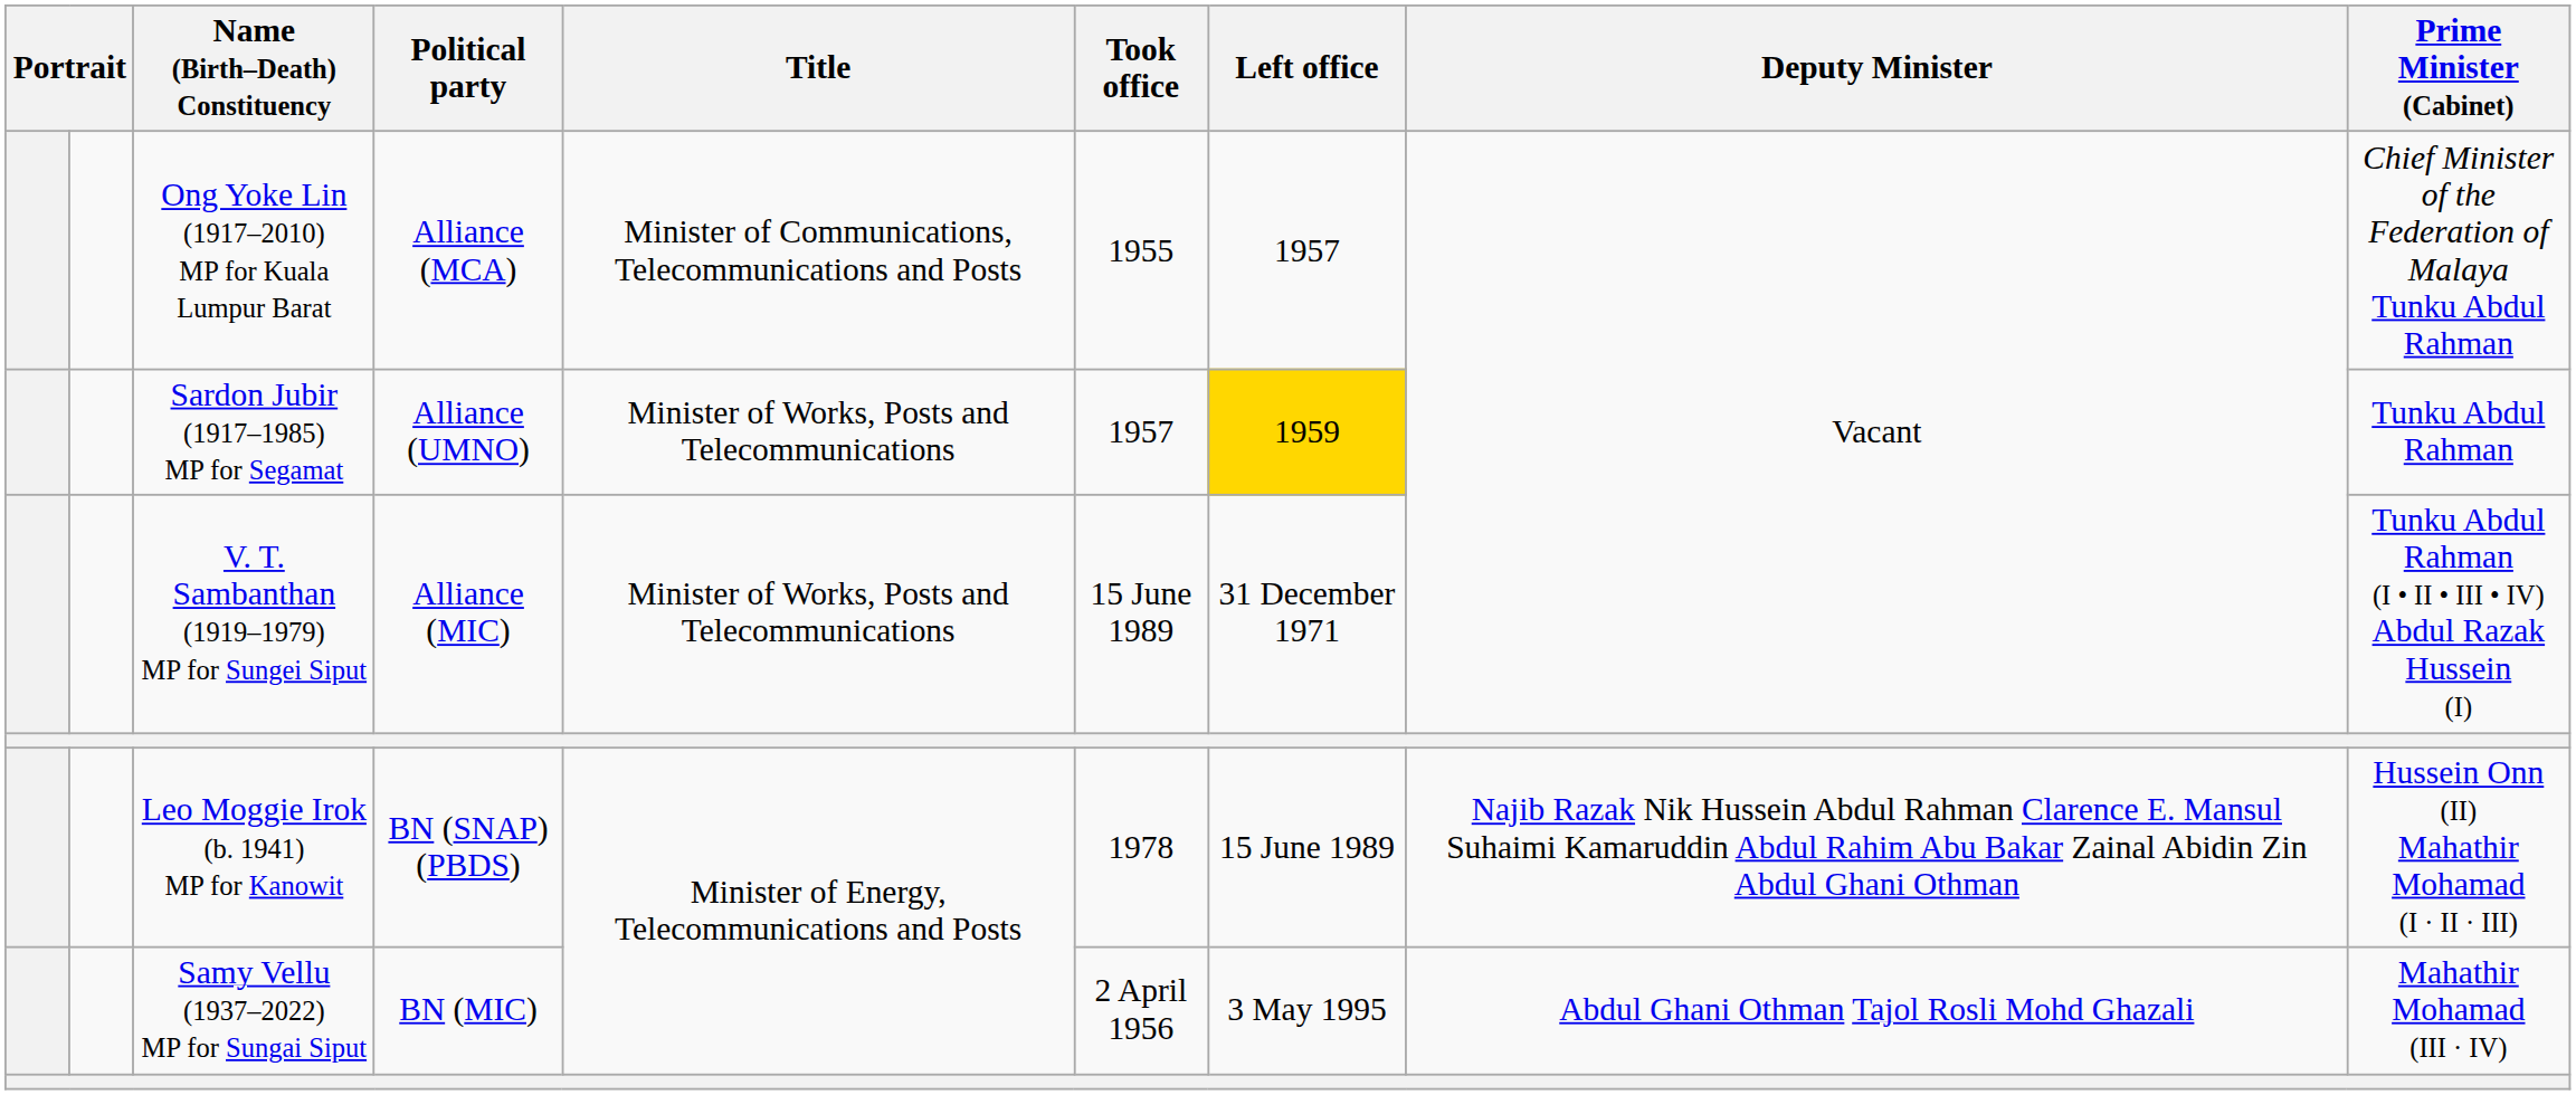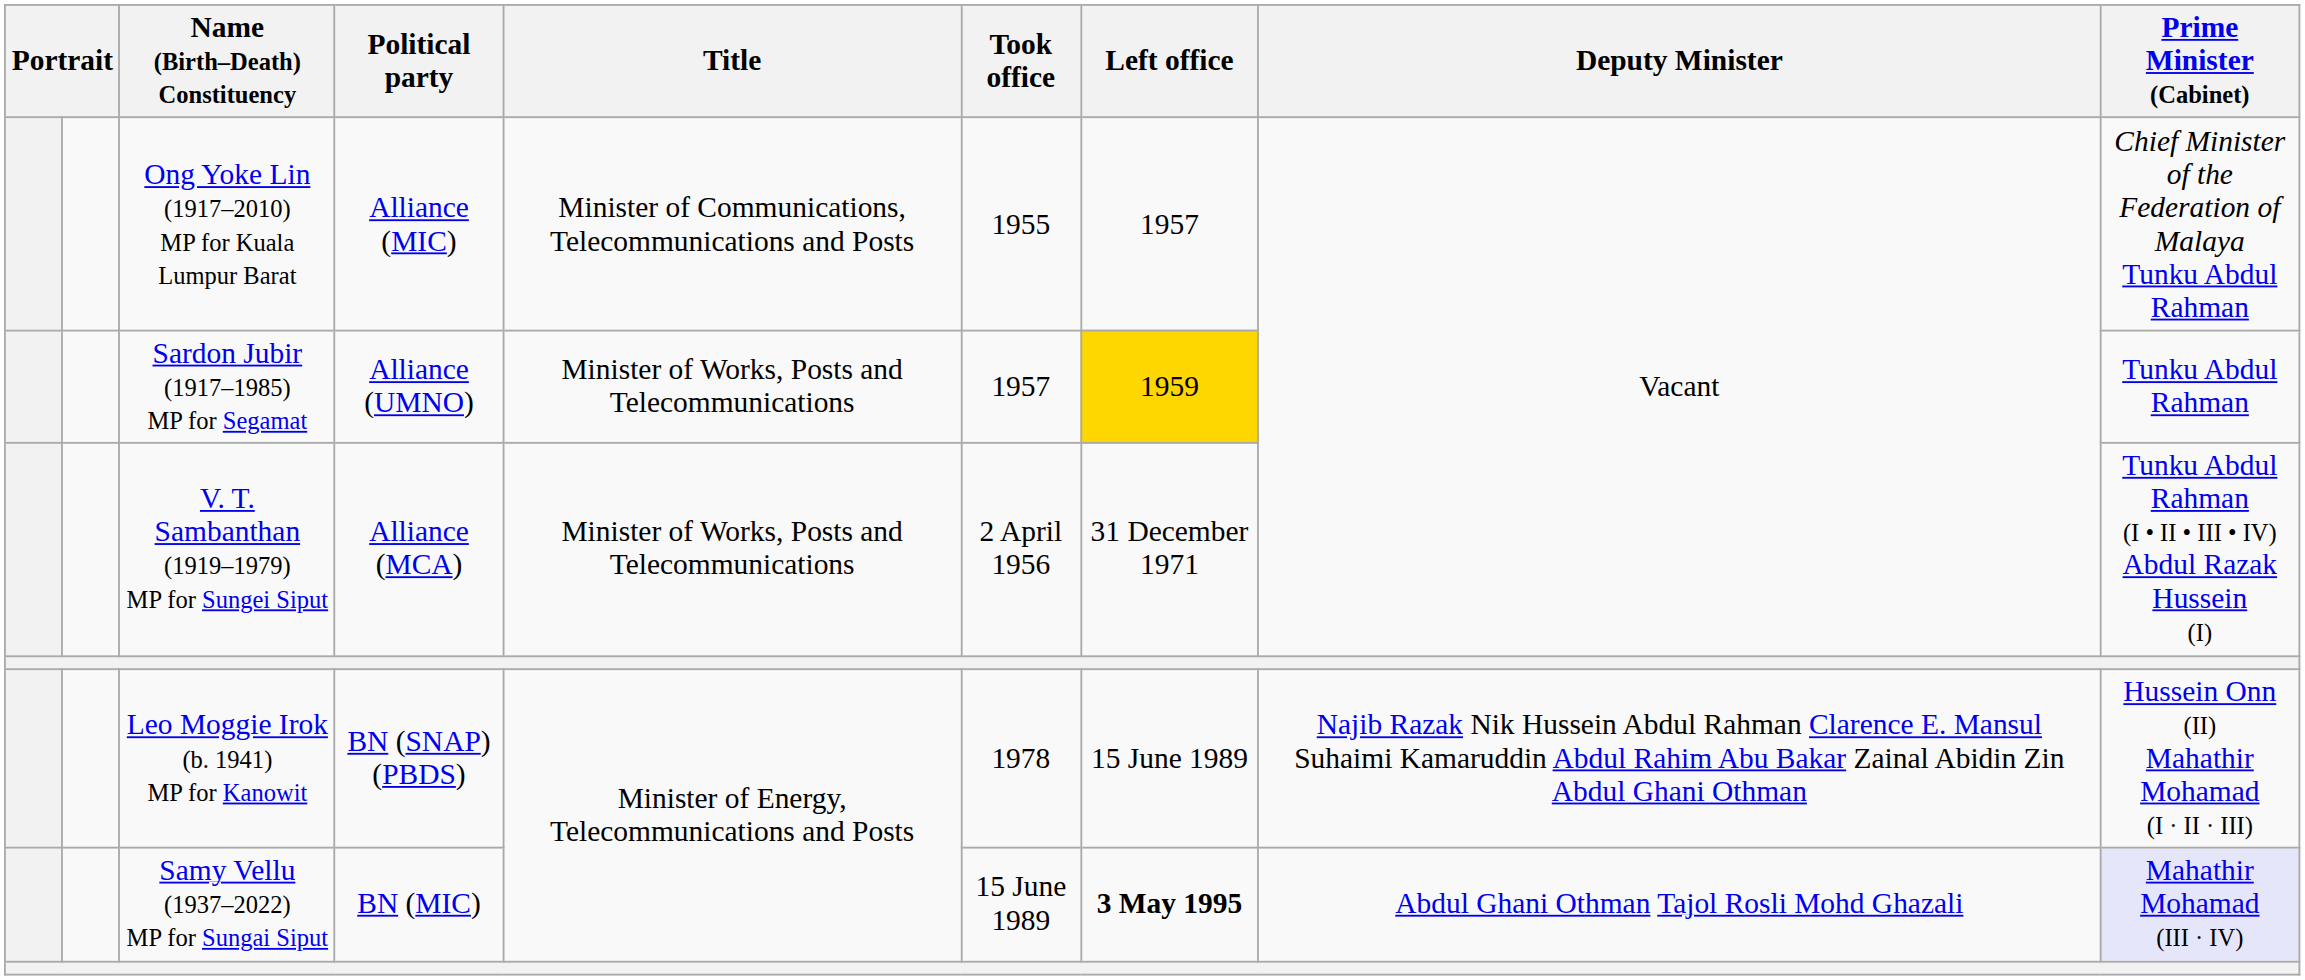 <table class="wikitable" style="text-align:center;">
 <tr>
 <th colspan=2>Portrait</th>
 <th>Name<br><small>(Birth–Death)<br>Constituency</small></th>
 <th>Political party</th>
 <th>Title</th>
 <th>Took office</th>
 <th>Left office</th>
 <th>Deputy Minister</th>
 <th><a href='#'>Prime Minister</a><br><small>(Cabinet)</small></th>
 </tr>
 <tr>
 <th style="background:"></th>
 <td></td>
 <td><a href='#'>Ong Yoke Lin</a><br><small>(1917–2010)<br>MP for Kuala Lumpur Barat</small></td>
-<td><a href='#'>Alliance</a> (<a href='#'>MCA</a>)</td>
+<td><a href='#'>Alliance</a> (<a href='#'>MIC</a>)</td>
 <td>Minister of Communications, Telecommunications and Posts</td>
 <td>1955</td>
 <td>1957</td>
 <td rowspan="3">Vacant</td>
 <td><em>Chief Minister of the <br>Federation of Malaya</em><br><a href='#'>Tunku Abdul Rahman</a></td>
 </tr>
 <tr>
 <th style="background:"></th>
 <td></td>
 <td><a href='#'>Sardon Jubir</a><br><small>(1917–1985)<br>MP for <a href='#'>Segamat</a></small></td>
 <td><a href='#'>Alliance</a> (<a href='#'>UMNO</a>)</td>
 <td>Minister of Works, Posts and Telecommunications</td>
 <td>1957</td>
 <td style="background: gold;">1959</td>
 <td><a href='#'>Tunku Abdul Rahman</a></td>
 </tr>
 <tr>
 <th style="background:"></th>
 <td></td>
 <td><a href='#'>V. T. Sambanthan</a><br><small>(1919–1979)<br>MP for <a href='#'>Sungei Siput</a></small></td>
-<td><a href='#'>Alliance</a> (<a href='#'>MIC</a>)</td>
+<td><a href='#'>Alliance</a> (<a href='#'>MCA</a>)</td>
 <td>Minister of Works, Posts and Telecommunications</td>
-<td>15 June 1989</td>
+<td>2 April 1956</td>
 <td>31 December 1971</td>
 <td><a href='#'>Tunku Abdul Rahman</a><br><small>(I • II • III • IV)</small><br><a href='#'>Abdul Razak Hussein</a><br><small>(I)</small></td>
 </tr>
 <tr>
 <th colspan="9" bgcolor="cccccc"></th>
 </tr>
 <tr>
 <th style="background:"></th>
 <td></td>
 <td><a href='#'>Leo Moggie Irok</a><br><small>(b. 1941)<br>MP for <a href='#'>Kanowit</a></small></td>
 <td><a href='#'>BN</a> (<a href='#'>SNAP</a>)<br>(<a href='#'>PBDS</a>)</td>
 <td rowspan=2>Minister of Energy, Telecommunications and Posts</td>
 <td>1978</td>
 <td>15 June 1989</td>
 <td><a href='#'>Najib Razak</a> Nik Hussein Abdul Rahman  <a href='#'>Clarence E. Mansul</a> Suhaimi Kamaruddin  <a href='#'>Abdul Rahim Abu Bakar</a>  Zainal Abidin Zin  <a href='#'>Abdul Ghani Othman</a></td>
 <td><a href='#'>Hussein Onn</a><br><small>(II)</small><br><a href='#'>Mahathir Mohamad</a><br><small>(I · II · III)</small></td>
 </tr>
 <tr>
 <th style="background:"></th>
 <td></td>
 <td><a href='#'>Samy Vellu</a><br><small>(1937–2022)<br>MP for <a href='#'>Sungai Siput</a></small></td>
 <td><a href='#'>BN</a> (<a href='#'>MIC</a>)</td>
-<td>2 April 1956</td>
-<td>3 May 1995</td>
+<td>15 June 1989</td>
+<td><strong>3 May 1995</strong></td>
 <td><a href='#'>Abdul Ghani Othman</a> <a href='#'>Tajol Rosli Mohd Ghazali</a> </td>
-<td><a href='#'>Mahathir Mohamad</a><br><small>(III · IV)</small></td>
+<td style="background: lavender;"><a href='#'>Mahathir Mohamad</a><br><small>(III · IV)</small></td>
 </tr>
 <tr>
 <th colspan="9" bgcolor="cccccc"></th>
 </tr>
 </table>
